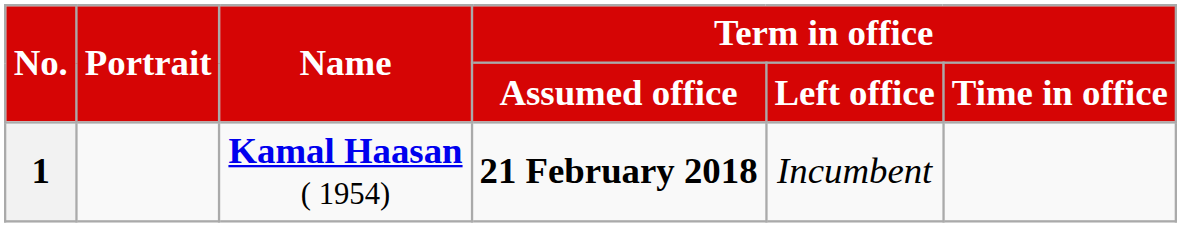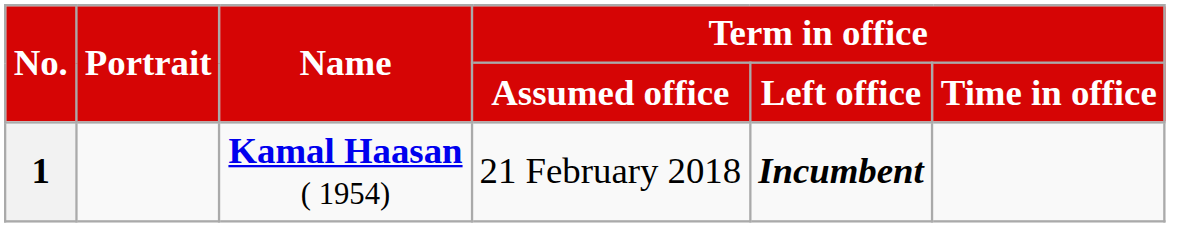 <table class="wikitable sortable" style="text-align:center;">
 <tr>
 <th rowspan=2 style="background-color:#D60505;color:white">No.</th>
 <th rowspan=2 style="background-color:#D60505;color:white">Portrait</th>
 <th rowspan=2 style="background-color:#D60505;color:white">Name<br></th>
 <th colspan=3 style="background-color:#D60505;color:white">Term in office</th>
 </tr>
 <tr>
 <th style="background-color:#D60505;color:white">Assumed office</th>
 <th style="background-color:#D60505;color:white">Left office</th>
 <th style="background-color:#D60505;color:white">Time in office</th>
 </tr>
 <tr>
 <th>1</th>
 <td></td>
 <td><strong><a href='#'>Kamal Haasan</a></strong><br><small>( 1954)</small></td>
-<td><strong>21 February 2018</strong></td>
-<td><em>Incumbent</em></td>
+<td>21 February 2018</td>
+<td><strong><em>Incumbent</em></strong></td>
 <td></td>
 </tr>
 </table>
